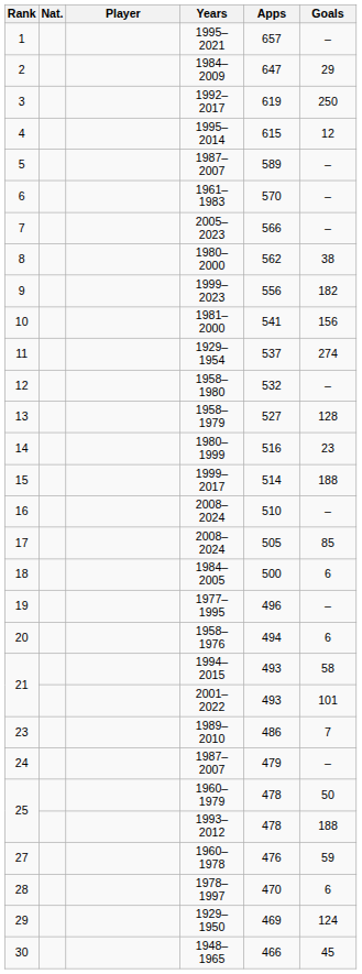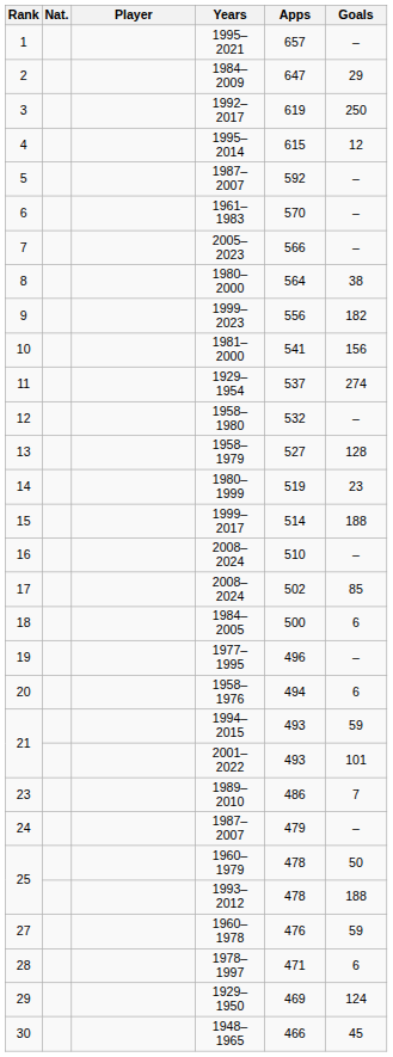 <table class="wikitable sortable nowrap">
 <tr>
 <th>Rank</th>
 <th>Nat.</th>
 <th width="150px">Player</th>
 <th width="80px">Years</th>
 <th width="70px">Apps</th>
 <th width="70px">Goals</th>
 </tr>
 <tr align="center">
 <td>1</td>
 <td></td>
 <td align="left"></td>
 <td>1995–2021</td>
 <td>657</td>
 <td>–</td>
 </tr>
 <tr align="center">
 <td>2</td>
 <td></td>
 <td align=left></td>
 <td>1984–2009</td>
 <td>647</td>
 <td>29</td>
 </tr>
 <tr align="center">
 <td>3</td>
 <td></td>
 <td align="left"></td>
 <td>1992–2017</td>
 <td>619</td>
 <td>250</td>
 </tr>
 <tr align="center">
 <td>4</td>
 <td></td>
 <td align=left></td>
 <td>1995–2014</td>
 <td>615</td>
 <td>12</td>
 </tr>
 <tr align="center">
 <td>5</td>
 <td></td>
 <td align=left></td>
 <td>1987–2007</td>
-<td>589</td>
+<td>592</td>
 <td>–</td>
 </tr>
 <tr align="center">
 <td>6</td>
 <td></td>
 <td align=left></td>
 <td>1961–1983</td>
 <td>570</td>
 <td>–</td>
 </tr>
 <tr align="center">
 <td>7</td>
 <td></td>
 <td align=left></td>
 <td>2005–2023</td>
 <td>566</td>
 <td>–</td>
 </tr>
 <tr align="center">
 <td>8</td>
 <td></td>
 <td align=left></td>
 <td>1980–2000</td>
-<td>562</td>
+<td>564</td>
 <td>38</td>
 </tr>
 <tr align="center">
 <td>9</td>
 <td></td>
 <td align=left></td>
 <td>1999–2023</td>
 <td>556</td>
 <td>182</td>
 </tr>
 <tr align="center">
 <td>10</td>
 <td></td>
 <td align=left></td>
 <td>1981–2000</td>
 <td>541</td>
 <td>156</td>
 </tr>
 <tr align="center">
 <td>11</td>
 <td></td>
 <td align=left></td>
 <td>1929–1954</td>
 <td>537</td>
 <td>274</td>
 </tr>
 <tr align="center">
 <td>12</td>
 <td></td>
 <td align=left></td>
 <td>1958–1980</td>
 <td>532</td>
 <td>–</td>
 </tr>
 <tr align="center">
 <td>13</td>
 <td></td>
 <td align=left></td>
 <td>1958–1979</td>
 <td>527</td>
 <td>128</td>
 </tr>
 <tr align="center">
 <td>14</td>
 <td></td>
 <td align=left></td>
 <td>1980–1999</td>
-<td>516</td>
+<td>519</td>
 <td>23</td>
 </tr>
 <tr align="center">
 <td>15</td>
 <td></td>
 <td align=left></td>
 <td>1999–2017</td>
 <td>514</td>
 <td>188</td>
 </tr>
 <tr align="center">
 <td>16</td>
 <td></td>
 <td align=left><em></em></td>
 <td>2008–2024</td>
 <td>510</td>
 <td>–</td>
 </tr>
 <tr align="center">
 <td>17</td>
 <td></td>
 <td align=left></td>
 <td>2008–2024</td>
-<td>505</td>
+<td>502</td>
 <td>85</td>
 </tr>
 <tr align="center">
 <td>18</td>
 <td></td>
 <td align=left></td>
 <td>1984–2005</td>
 <td>500</td>
 <td>6</td>
 </tr>
 <tr align="center">
 <td>19</td>
 <td></td>
 <td align=left></td>
 <td>1977–1995</td>
 <td>496</td>
 <td>–</td>
 </tr>
 <tr align="center">
 <td>20</td>
 <td></td>
 <td align=left></td>
 <td>1958–1976</td>
 <td>494</td>
 <td>6</td>
 </tr>
 <tr align="center">
 <td rowspan="2">21</td>
 <td></td>
 <td align=left></td>
 <td>1994–2015</td>
 <td>493</td>
-<td>58</td>
+<td>59</td>
 </tr>
 <tr align="center">
 <td></td>
 <td align=left></td>
 <td>2001–2022</td>
 <td>493</td>
 <td>101</td>
 </tr>
 <tr align="center">
 <td>23</td>
 <td></td>
 <td align=left></td>
 <td>1989–2010</td>
 <td>486</td>
 <td>7</td>
 </tr>
 <tr align="center">
 <td>24</td>
 <td></td>
 <td align=left></td>
 <td>1987–2007</td>
 <td>479</td>
 <td>–</td>
 </tr>
 <tr align="center">
 <td rowspan="2">25</td>
 <td></td>
 <td align=left></td>
 <td>1960–1979</td>
 <td>478</td>
 <td>50</td>
 </tr>
 <tr align="center">
 <td></td>
 <td align=left></td>
 <td>1993–2012</td>
 <td>478</td>
 <td>188</td>
 </tr>
 <tr align="center">
 <td>27</td>
 <td></td>
 <td align=left></td>
 <td>1960–1978</td>
 <td>476</td>
 <td>59</td>
 </tr>
 <tr align="center">
 <td>28</td>
 <td></td>
 <td align=left></td>
 <td>1978–1997</td>
-<td>470</td>
+<td>471</td>
 <td>6</td>
 </tr>
 <tr align="center">
 <td>29</td>
 <td></td>
 <td align=left></td>
 <td>1929–1950</td>
 <td>469</td>
 <td>124</td>
 </tr>
 <tr align="center">
 <td>30</td>
 <td></td>
 <td align=left></td>
 <td>1948–1965</td>
 <td>466</td>
 <td>45</td>
 </tr>
 </table>
